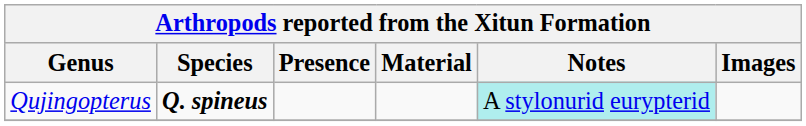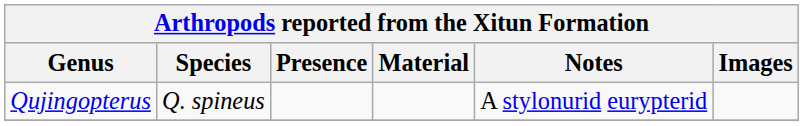 <table class="wikitable" align="center">
 <tr>
 <th colspan="6" align="center"><strong><a href='#'>Arthropods</a> reported from the Xitun Formation</strong></th>
 </tr>
 <tr>
 <th>Genus</th>
 <th>Species</th>
 <th>Presence</th>
 <th><strong>Material</strong></th>
 <th>Notes</th>
 <th>Images</th>
 </tr>
 <tr>
 <td><em><a href='#'>Qujingopterus</a></em></td>
-<td><strong><em>Q. spineus</em></strong></td>
+<td><em>Q. spineus</em></td>
 <td></td>
 <td></td>
-<td style="background: paleturquoise;">A <a href='#'>stylonurid</a> <a href='#'>eurypterid</a></td>
+<td>A <a href='#'>stylonurid</a> <a href='#'>eurypterid</a></td>
 <td></td>
 </tr>
 <tr>
 </tr>
 </table>
